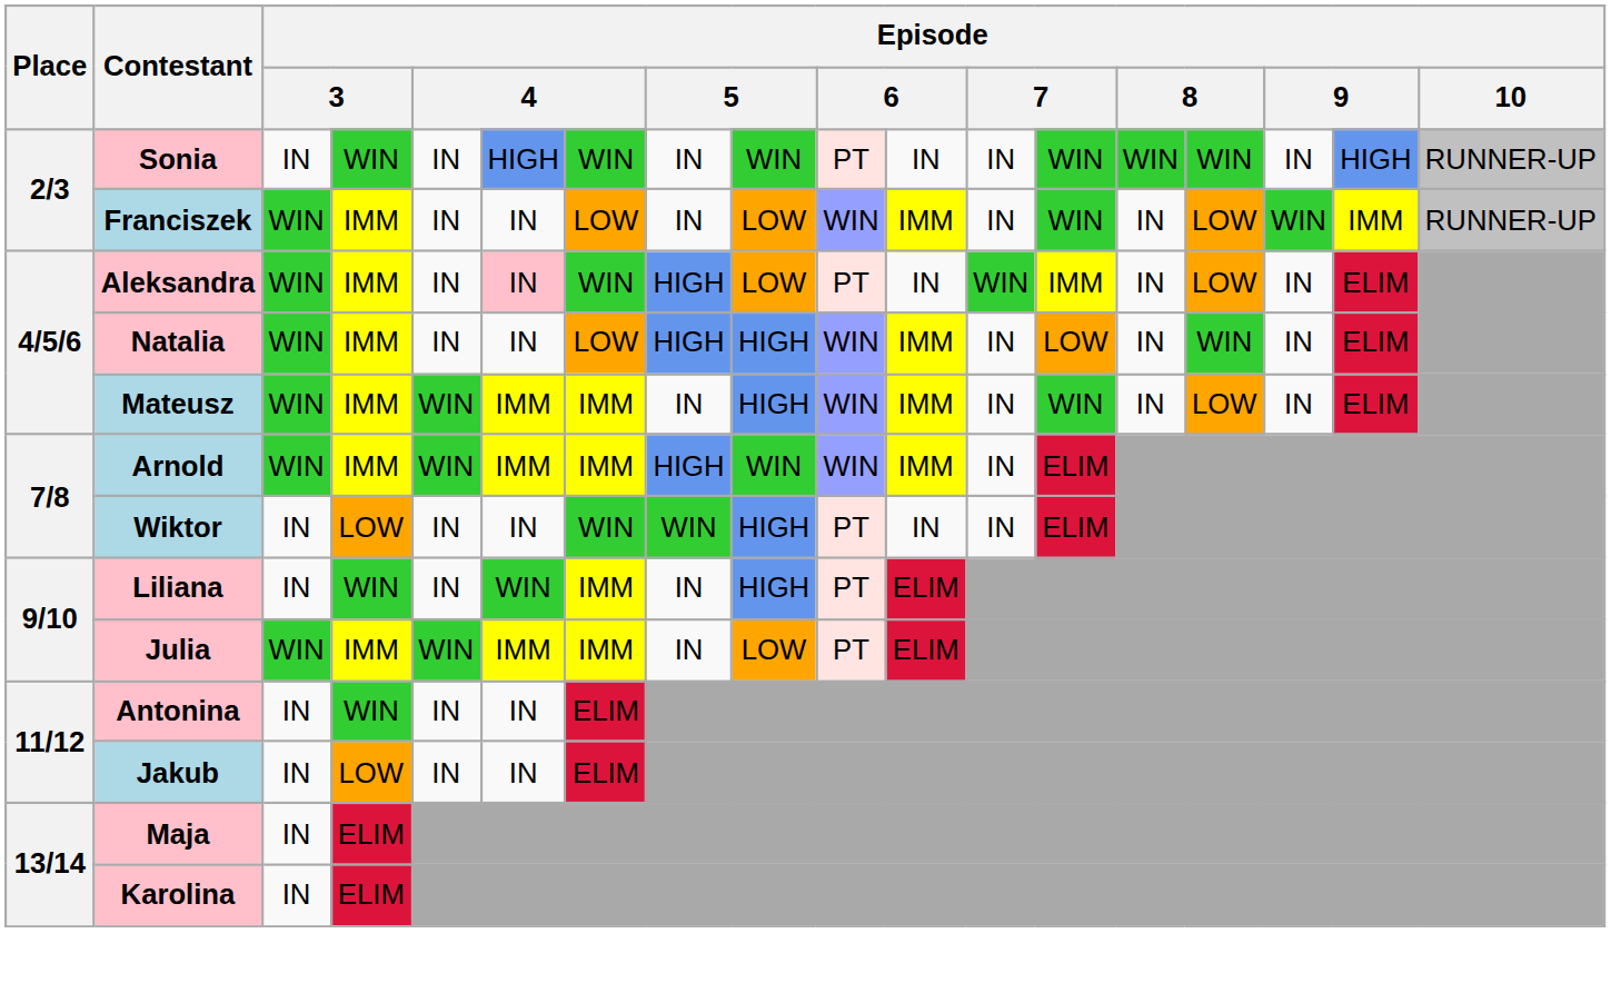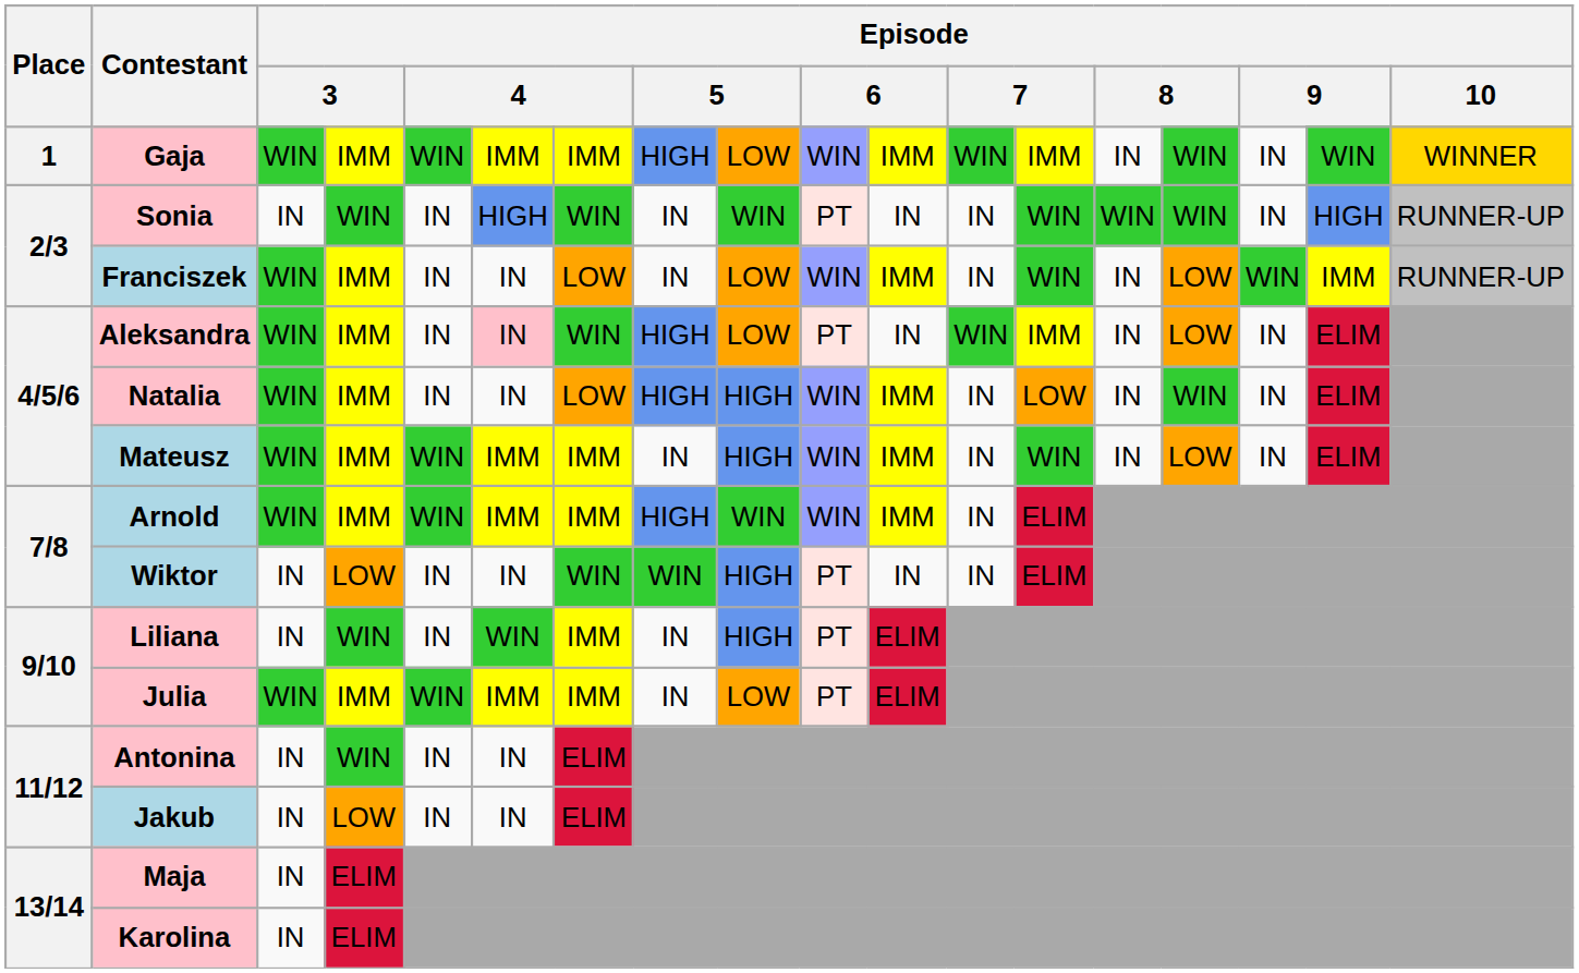 <table class="wikitable" style="text-align: center; font-size: 9pt; line-height:20px;">
 <tr>
 <th rowspan="2">Place</th>
 <th rowspan="2">Contestant</th>
 <th colspan="16">Episode</th>
 </tr>
 <tr>
 <th colspan="2">3</th>
 <th colspan="3">4</th>
 <th colspan="2">5</th>
 <th colspan="2">6</th>
 <th colspan="2">7</th>
 <th colspan="2">8</th>
 <th colspan="2">9</th>
 <th>10</th>
+</tr>
+<tr>
+<th>1</th>
+<th style="background:pink">Gaja</th>
+<td bgcolor=limegreen>WIN</td>
+<td bgcolor=yellow>IMM</td>
+<td bgcolor=limegreen>WIN</td>
+<td bgcolor=yellow>IMM</td>
+<td bgcolor=yellow>IMM</td>
+<td bgcolor=cornflowerblue>HIGH</td>
+<td bgcolor=orange>LOW</td>
+<td bgcolor=#959FFD>WIN</td>
+<td bgcolor=yellow>IMM</td>
+<td bgcolor=limegreen>WIN</td>
+<td bgcolor=yellow>IMM</td>
+<td>IN</td>
+<td bgcolor=limegreen>WIN</td>
+<td>IN</td>
+<td bgcolor=limegreen>WIN</td>
+<td bgcolor=gold>WINNER</td>
 </tr>
 <tr>
 <th rowspan=2>2/3</th>
 <th style="background:pink">Sonia</th>
 <td>IN</td>
 <td bgcolor=limegreen>WIN</td>
 <td>IN</td>
 <td bgcolor=cornflowerblue>HIGH</td>
 <td bgcolor=limegreen>WIN</td>
 <td>IN</td>
 <td bgcolor=limegreen>WIN</td>
 <td bgcolor=mistyrose>PT</td>
 <td>IN</td>
 <td>IN</td>
 <td bgcolor=limegreen>WIN</td>
 <td bgcolor=limegreen>WIN</td>
 <td bgcolor=limegreen>WIN</td>
 <td>IN</td>
 <td bgcolor=cornflowerblue>HIGH</td>
 <td bgcolor=silver>RUNNER-UP</td>
 </tr>
 <tr>
 <th style="background:lightblue">Franciszek</th>
 <td bgcolor=limegreen>WIN</td>
 <td bgcolor=yellow>IMM</td>
 <td>IN</td>
 <td>IN</td>
 <td bgcolor=orange>LOW</td>
 <td>IN</td>
 <td bgcolor=orange>LOW</td>
 <td bgcolor=#959FFD>WIN</td>
 <td bgcolor=yellow>IMM</td>
 <td>IN</td>
 <td bgcolor=limegreen>WIN</td>
 <td>IN</td>
 <td bgcolor=orange>LOW</td>
 <td bgcolor=limegreen>WIN</td>
 <td bgcolor=yellow>IMM</td>
 <td bgcolor=silver>RUNNER-UP</td>
 </tr>
 <tr>
 <th rowspan=3>4/5/6</th>
 <th style="background:pink">Aleksandra</th>
 <td bgcolor=limegreen>WIN</td>
 <td bgcolor=yellow>IMM</td>
 <td>IN</td>
 <td style="background: pink;">IN</td>
 <td bgcolor=limegreen>WIN</td>
 <td bgcolor=cornflowerblue>HIGH</td>
 <td bgcolor=orange>LOW</td>
 <td bgcolor=mistyrose>PT</td>
 <td>IN</td>
 <td bgcolor=limegreen>WIN</td>
 <td bgcolor=yellow>IMM</td>
 <td>IN</td>
 <td bgcolor=orange>LOW</td>
 <td>IN</td>
 <td bgcolor=crimson>ELIM</td>
 <td bgcolor="darkgrey"></td>
 </tr>
 <tr>
 <th style="background:pink">Natalia</th>
 <td bgcolor=limegreen>WIN</td>
 <td bgcolor=yellow>IMM</td>
 <td>IN</td>
 <td>IN</td>
 <td bgcolor=orange>LOW</td>
 <td bgcolor=cornflowerblue>HIGH</td>
 <td bgcolor=cornflowerblue>HIGH</td>
 <td bgcolor=#959FFD>WIN</td>
 <td bgcolor=yellow>IMM</td>
 <td>IN</td>
 <td bgcolor=orange>LOW</td>
 <td>IN</td>
 <td bgcolor=limegreen>WIN</td>
 <td>IN</td>
 <td bgcolor=crimson>ELIM</td>
 <td bgcolor="darkgrey"></td>
 </tr>
 <tr>
 <th style="background:lightblue">Mateusz</th>
 <td bgcolor=limegreen>WIN</td>
 <td bgcolor=yellow>IMM</td>
 <td bgcolor=limegreen>WIN</td>
 <td bgcolor=yellow>IMM</td>
 <td bgcolor=yellow>IMM</td>
 <td>IN</td>
 <td bgcolor=cornflowerblue>HIGH</td>
 <td bgcolor=#959FFD>WIN</td>
 <td bgcolor=yellow>IMM</td>
 <td>IN</td>
 <td bgcolor=limegreen>WIN</td>
 <td>IN</td>
 <td bgcolor=orange>LOW</td>
 <td>IN</td>
 <td bgcolor=crimson>ELIM</td>
 <td bgcolor="darkgrey"></td>
 </tr>
 <tr>
 <th rowspan=2>7/8</th>
 <th style="background:lightblue">Arnold</th>
 <td bgcolor=limegreen>WIN</td>
 <td bgcolor=yellow>IMM</td>
 <td bgcolor=limegreen>WIN</td>
 <td bgcolor=yellow>IMM</td>
 <td bgcolor=yellow>IMM</td>
 <td bgcolor=cornflowerblue>HIGH</td>
 <td bgcolor=limegreen>WIN</td>
 <td bgcolor=#959FFD>WIN</td>
 <td bgcolor=yellow>IMM</td>
 <td>IN</td>
 <td bgcolor=crimson>ELIM</td>
 <td colspan="5" bgcolor="darkgrey"></td>
 </tr>
 <tr>
 <th style="background:lightblue">Wiktor</th>
 <td>IN</td>
 <td bgcolor=orange>LOW</td>
 <td>IN</td>
 <td>IN</td>
 <td bgcolor=limegreen>WIN</td>
 <td bgcolor=limegreen>WIN</td>
 <td bgcolor=cornflowerblue>HIGH</td>
 <td bgcolor=mistyrose>PT</td>
 <td>IN</td>
 <td>IN</td>
 <td bgcolor=crimson>ELIM</td>
 <td colspan="5" bgcolor="darkgrey"></td>
 </tr>
 <tr>
 <th rowspan=2>9/10</th>
 <th style="background:pink">Liliana</th>
 <td>IN</td>
 <td bgcolor=limegreen>WIN</td>
 <td>IN</td>
 <td bgcolor=limegreen>WIN</td>
 <td bgcolor=yellow>IMM</td>
 <td>IN</td>
 <td bgcolor=cornflowerblue>HIGH</td>
 <td bgcolor=mistyrose>PT</td>
 <td bgcolor=crimson>ELIM</td>
 <td colspan="7" bgcolor="darkgrey"></td>
 </tr>
 <tr>
 <th style="background:pink">Julia</th>
 <td bgcolor=limegreen>WIN</td>
 <td bgcolor=yellow>IMM</td>
 <td bgcolor=limegreen>WIN</td>
 <td bgcolor=yellow>IMM</td>
 <td bgcolor=yellow>IMM</td>
 <td>IN</td>
 <td bgcolor=orange>LOW</td>
 <td bgcolor=mistyrose>PT</td>
 <td bgcolor=crimson>ELIM</td>
 <td colspan="7" bgcolor="darkgrey"></td>
 </tr>
 <tr>
 <th rowspan=2>11/12</th>
 <th style="background:pink">Antonina</th>
 <td>IN</td>
 <td bgcolor=limegreen>WIN</td>
 <td>IN</td>
 <td>IN</td>
 <td bgcolor=crimson>ELIM</td>
 <td colspan="11" bgcolor="darkgrey"></td>
 </tr>
 <tr>
 <th style="background:lightblue">Jakub</th>
 <td>IN</td>
 <td bgcolor=orange>LOW</td>
 <td>IN</td>
 <td>IN</td>
 <td bgcolor=crimson>ELIM</td>
 <td colspan="11" bgcolor="darkgrey"></td>
 </tr>
 <tr>
 <th rowspan=2>13/14</th>
 <th style="background:pink">Maja</th>
 <td>IN</td>
 <td bgcolor=crimson>ELIM</td>
 <td colspan="14" bgcolor="darkgrey"></td>
 </tr>
 <tr>
 <th style="background:pink">Karolina</th>
 <td>IN</td>
 <td bgcolor=crimson>ELIM</td>
 <td colspan="14" bgcolor="darkgrey"></td>
 </tr>
 </table>
